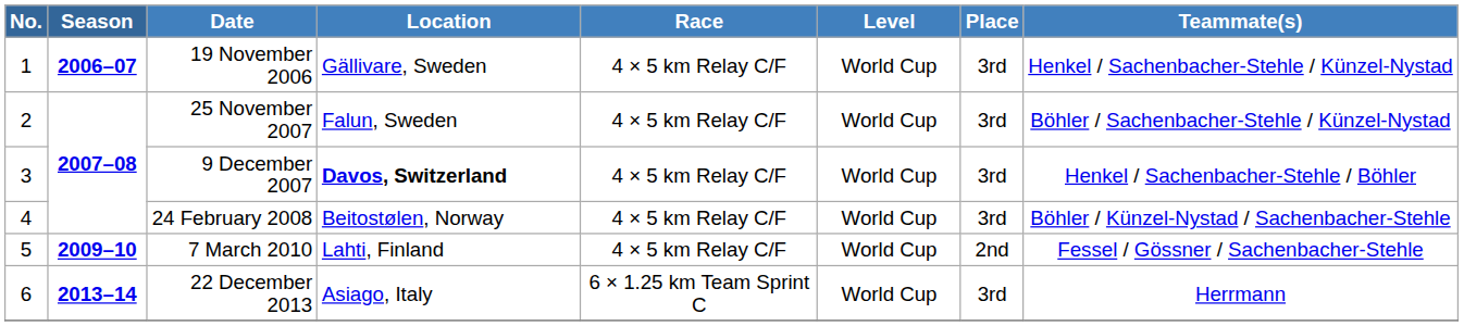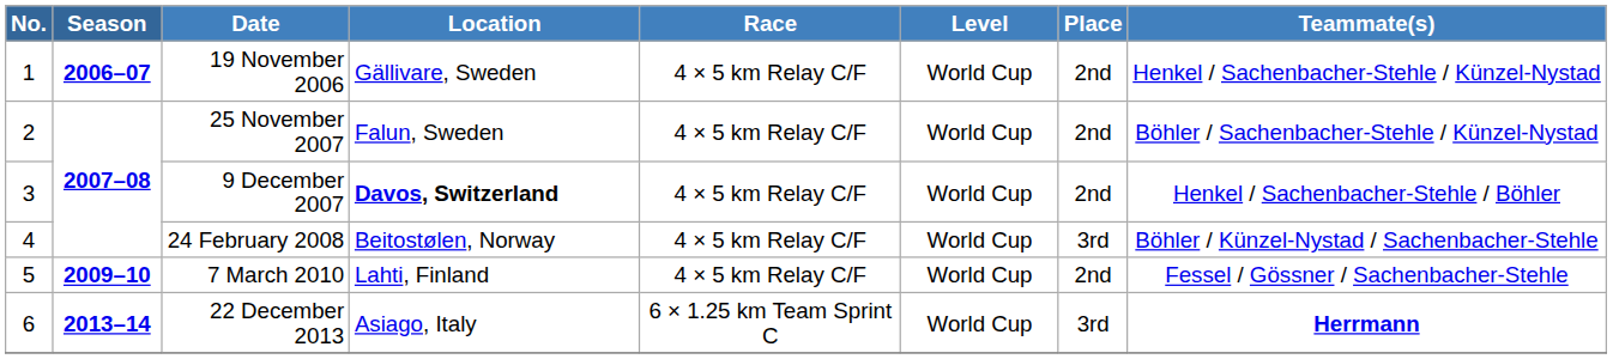 <table class="wikitable sortable" style="font-size:95%; text-align:center; border:grey solid 1px; border-collapse:collapse; background:#ffffff;">
 <tr style="background:#efefef;">
 <th style="background-color:#369; color:white;">No.</th>
 <th style="background-color:#369; color:white;">Season</th>
 <th style="background-color:#4180be; color:white; width:120px;">Date</th>
 <th style="background-color:#4180be; color:white; width:190px;">Location</th>
 <th style="background-color:#4180be; color:white; width:170px;">Race</th>
 <th style="background-color:#4180be; color:white; width:100px;">Level</th>
 <th style="background-color:#4180be; color:white;">Place</th>
 <th style="background-color:#4180be; color:white;">Teammate(s)</th>
 </tr>
 <tr>
 <td align=center>1</td>
 <td rowspan=1 align=center><strong> <a href='#'>2006–07</a> </strong></td>
 <td align=right>19 November 2006</td>
 <td align=left> <a href='#'>Gällivare</a>, Sweden</td>
 <td>4 × 5 km Relay C/F</td>
 <td>World Cup</td>
-<td>3rd</td>
+<td>2nd</td>
 <td><a href='#'>Henkel</a> / <a href='#'>Sachenbacher-Stehle</a> / <a href='#'>Künzel-Nystad</a></td>
 </tr>
 <tr>
 <td align=center>2</td>
 <td rowspan=3 align=center><strong> <a href='#'>2007–08</a> </strong></td>
 <td align=right>25 November 2007</td>
 <td align=left> <a href='#'>Falun</a>, Sweden</td>
 <td>4 × 5 km Relay C/F</td>
 <td>World Cup</td>
-<td>3rd</td>
+<td>2nd</td>
 <td><a href='#'>Böhler</a> / <a href='#'>Sachenbacher-Stehle</a> / <a href='#'>Künzel-Nystad</a></td>
 </tr>
 <tr>
 <td align=center>3</td>
 <td align=right>9 December 2007</td>
 <td align=left><strong> <a href='#'>Davos</a>, Switzerland</strong></td>
 <td>4 × 5 km Relay C/F</td>
 <td>World Cup</td>
-<td>3rd</td>
+<td>2nd</td>
 <td><a href='#'>Henkel</a> / <a href='#'>Sachenbacher-Stehle</a> / <a href='#'>Böhler</a></td>
 </tr>
 <tr>
 <td align=center>4</td>
 <td align=right>24 February 2008</td>
 <td align=left> <a href='#'>Beitostølen</a>, Norway</td>
 <td>4 × 5 km Relay C/F</td>
 <td>World Cup</td>
 <td>3rd</td>
 <td><a href='#'>Böhler</a> / <a href='#'>Künzel-Nystad</a> / <a href='#'>Sachenbacher-Stehle</a></td>
 </tr>
 <tr>
 <td align=center>5</td>
 <td rowspan=1 align=center><strong> <a href='#'>2009–10</a> </strong></td>
 <td align=right>7 March 2010</td>
 <td align=left> <a href='#'>Lahti</a>, Finland</td>
 <td>4 × 5 km Relay C/F</td>
 <td>World Cup</td>
 <td>2nd</td>
 <td><a href='#'>Fessel</a> / <a href='#'>Gössner</a> / <a href='#'>Sachenbacher-Stehle</a></td>
 </tr>
 <tr>
 <td align=center>6</td>
 <td rowspan=1 align=center><strong> <a href='#'>2013–14</a> </strong></td>
 <td align=right>22 December 2013</td>
 <td align=left> <a href='#'>Asiago</a>, Italy</td>
 <td>6 × 1.25 km Team Sprint C</td>
 <td>World Cup</td>
 <td>3rd</td>
-<td><a href='#'>Herrmann</a></td>
+<td><strong><a href='#'>Herrmann</a></strong></td>
 </tr>
 <tr>
 </tr>
 </table>
